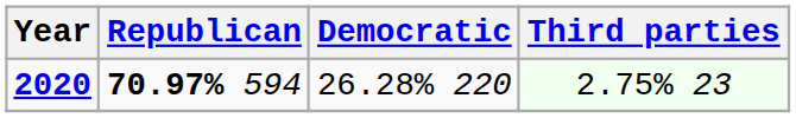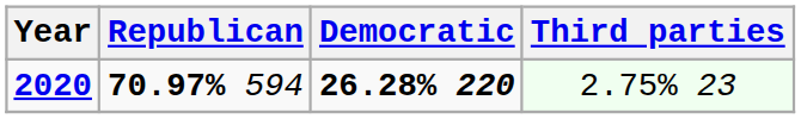 <table class="wikitable" style="float:right; font-size:95%;">
 <tr bgcolor=lightgrey>
 <th>Year</th>
 <th><a href='#'>Republican</a></th>
 <th><a href='#'>Democratic</a></th>
 <th><a href='#'>Third parties</a></th>
 </tr>
 <tr>
 <td style="text-align:center;" ><strong><a href='#'>2020</a></strong></td>
 <td style="text-align:center;" ><strong>70.97%</strong> <em>594</em></td>
-<td style="text-align:center;" >26.28% <em>220</em></td>
+<td style="text-align:center;" ><strong>26.28% <em>220</em></strong></td>
 <td style="text-align:center; background:honeyDew;">2.75% <em>23</em></td>
 </tr>
 <tr>
 </tr>
 </table>
